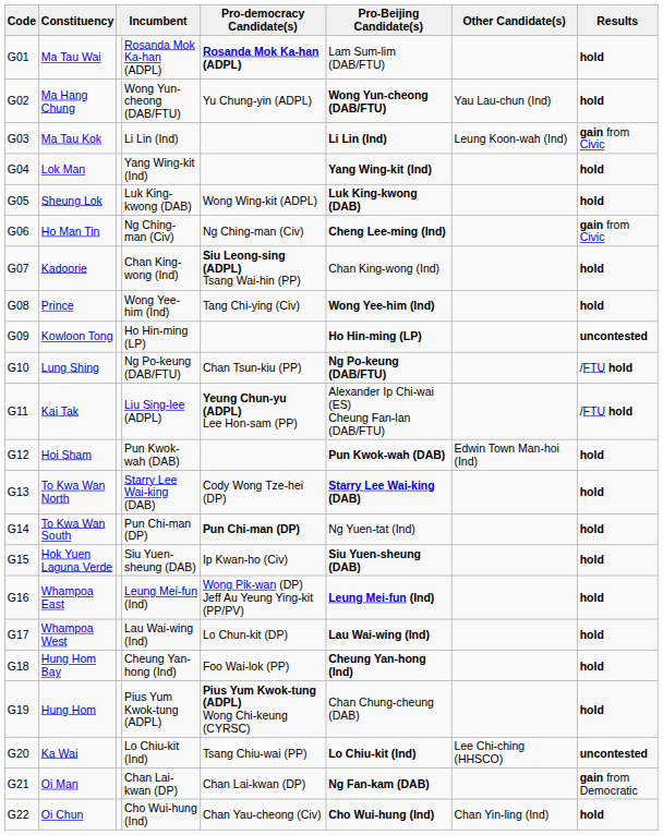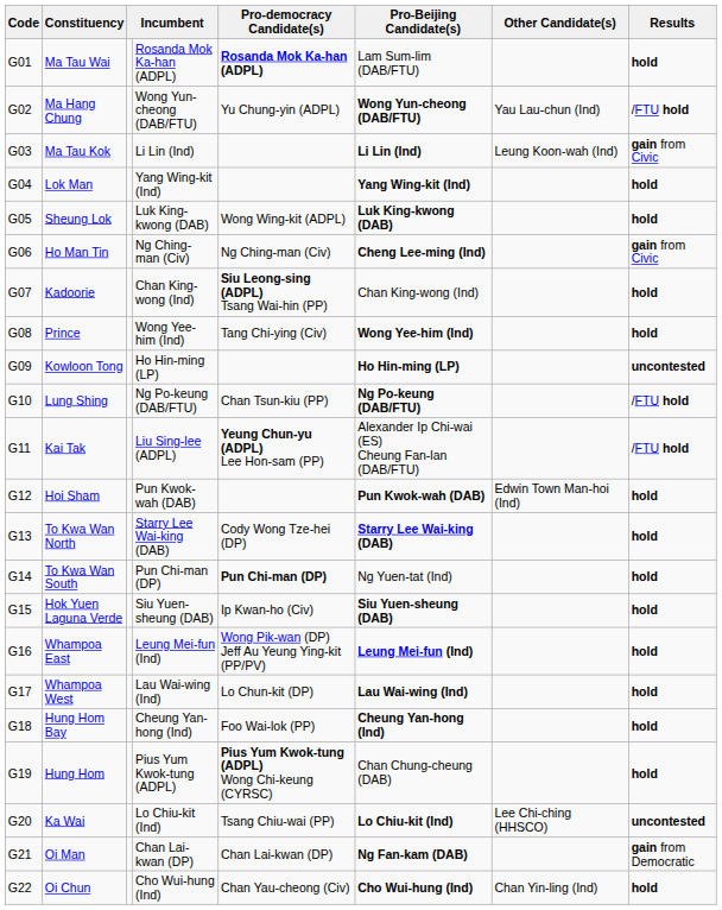 <table class="wikitable" style="font-size: 95%;">
 <tr>
 <th align="center" style="background:#f0f0f0;" width="20px">Code</th>
 <th align="center" style="background:#f0f0f0;" width="90px">Constituency</th>
 <th align="center" style="background:#f0f0f0;" width="120px" colspan=2>Incumbent</th>
 <th align="center" style="background:#f0f0f0;" width="160px">Pro-democracy Candidate(s)</th>
 <th align="center" style="background:#f0f0f0;" width="160px">Pro-Beijing Candidate(s)</th>
 <th align="center" style="background:#f0f0f0;" width="160px">Other Candidate(s)</th>
 <th align="center" style="background:#f0f0f0;" width="100px" colspan="2">Results</th>
 </tr>
 <tr>
 <td>G01</td>
 <td><a href='#'>Ma Tau Wai</a></td>
 <td></td>
 <td><a href='#'>Rosanda Mok Ka-han</a> (ADPL)</td>
 <td><strong><a href='#'>Rosanda Mok Ka-han</a> (ADPL)</strong></td>
 <td>Lam Sum-lim (DAB/FTU)</td>
 <td></td>
 <td> <strong>hold</strong></td>
 </tr>
 <tr>
 <td>G02</td>
 <td><a href='#'>Ma Hang Chung</a></td>
 <td></td>
 <td>Wong Yun-cheong (DAB/FTU)</td>
 <td>Yu Chung-yin (ADPL)</td>
 <td><strong>Wong Yun-cheong (DAB/FTU)</strong></td>
 <td>Yau Lau-chun (Ind)</td>
-<td> <strong>hold</strong></td>
+<td>/<a href='#'>FTU</a> <strong>hold</strong></td>
 </tr>
 <tr>
 <td>G03</td>
 <td><a href='#'>Ma Tau Kok</a></td>
 <td></td>
 <td>Li Lin (Ind)</td>
 <td></td>
 <td><strong> Li Lin (Ind)</strong></td>
 <td>Leung Koon-wah (Ind)</td>
 <td> <strong>gain</strong> from <a href='#'>Civic</a></td>
 </tr>
 <tr>
 <td>G04</td>
 <td><a href='#'>Lok Man</a></td>
 <td></td>
 <td>Yang Wing-kit (Ind)</td>
 <td></td>
 <td><strong> Yang Wing-kit (Ind)</strong></td>
 <td></td>
 <td> <strong>hold</strong></td>
 </tr>
 <tr>
 <td>G05</td>
 <td><a href='#'>Sheung Lok</a></td>
 <td></td>
 <td>Luk King-kwong (DAB)</td>
 <td>Wong Wing-kit (ADPL)</td>
 <td><strong>Luk King-kwong (DAB)</strong></td>
 <td></td>
 <td> <strong>hold</strong></td>
 </tr>
 <tr>
 <td>G06</td>
 <td><a href='#'>Ho Man Tin</a></td>
 <td></td>
 <td>Ng Ching-man (Civ)</td>
 <td>Ng Ching-man (Civ)</td>
 <td><strong>Cheng Lee-ming (Ind)</strong></td>
 <td></td>
 <td> <strong>gain</strong> from <a href='#'>Civic</a></td>
 </tr>
 <tr>
 <td>G07</td>
 <td><a href='#'>Kadoorie</a></td>
 <td></td>
 <td>Chan King-wong (Ind)</td>
 <td><strong>Siu Leong-sing (ADPL)</strong> <br> Tsang Wai-hin (PP)</td>
 <td>Chan King-wong (Ind)</td>
 <td></td>
 <td> <strong>hold</strong></td>
 </tr>
 <tr>
 <td>G08</td>
 <td><a href='#'>Prince</a></td>
 <td></td>
 <td>Wong Yee-him (Ind)</td>
 <td>Tang Chi-ying (Civ)</td>
 <td><strong>Wong Yee-him (Ind)</strong></td>
 <td></td>
 <td> <strong>hold</strong></td>
 </tr>
 <tr>
 <td>G09</td>
 <td><a href='#'>Kowloon Tong</a></td>
 <td></td>
 <td>Ho Hin-ming (LP)</td>
 <td></td>
 <td><strong>Ho Hin-ming (LP)</strong></td>
 <td></td>
 <td> <strong>uncontested</strong></td>
 </tr>
 <tr>
 <td>G10</td>
 <td><a href='#'>Lung Shing</a></td>
 <td></td>
 <td>Ng Po-keung (DAB/FTU)</td>
 <td>Chan Tsun-kiu (PP)</td>
 <td><strong>Ng Po-keung (DAB/FTU)</strong></td>
 <td></td>
 <td>/<a href='#'>FTU</a> <strong>hold</strong></td>
 </tr>
 <tr>
 <td>G11</td>
 <td><a href='#'>Kai Tak</a></td>
 <td></td>
 <td><a href='#'>Liu Sing-lee</a> (ADPL)</td>
 <td><strong>Yeung Chun-yu (ADPL)</strong><br>Lee Hon-sam (PP)</td>
 <td>Alexander Ip Chi-wai (ES)<br>Cheung Fan-lan (DAB/FTU)</td>
 <td></td>
 <td>/<a href='#'>FTU</a> <strong>hold</strong></td>
 </tr>
 <tr>
 <td>G12</td>
 <td><a href='#'>Hoi Sham</a></td>
 <td></td>
 <td>Pun Kwok-wah (DAB)</td>
 <td></td>
 <td><strong> Pun Kwok-wah (DAB)</strong></td>
 <td>Edwin Town Man-hoi (Ind)</td>
 <td> <strong>hold</strong></td>
 </tr>
 <tr>
 <td>G13</td>
 <td><a href='#'>To Kwa Wan North</a></td>
 <td></td>
 <td><a href='#'>Starry Lee Wai-king</a> (DAB)</td>
 <td>Cody Wong Tze-hei (DP)</td>
 <td><strong><a href='#'>Starry Lee Wai-king</a> (DAB)</strong></td>
 <td></td>
 <td> <strong>hold</strong></td>
 </tr>
 <tr>
 <td>G14</td>
 <td><a href='#'>To Kwa Wan South</a></td>
 <td></td>
 <td>Pun Chi-man (DP)</td>
 <td><strong>Pun Chi-man (DP)</strong></td>
 <td>Ng Yuen-tat (Ind)</td>
 <td></td>
 <td> <strong>hold</strong></td>
 </tr>
 <tr>
 <td>G15</td>
 <td><a href='#'>Hok Yuen Laguna Verde</a></td>
 <td></td>
 <td>Siu Yuen-sheung (DAB)</td>
 <td>Ip Kwan-ho (Civ)</td>
 <td><strong>Siu Yuen-sheung (DAB)</strong></td>
 <td></td>
 <td> <strong>hold</strong></td>
 </tr>
 <tr>
 <td>G16</td>
 <td><a href='#'>Whampoa East</a></td>
 <td></td>
 <td><a href='#'>Leung Mei-fun</a> (Ind)</td>
 <td><a href='#'>Wong Pik-wan</a> (DP)<br> Jeff Au Yeung Ying-kit (PP/PV)</td>
 <td><strong><a href='#'>Leung Mei-fun</a> (Ind)</strong></td>
 <td></td>
 <td> <strong>hold</strong></td>
 </tr>
 <tr>
 <td>G17</td>
 <td><a href='#'>Whampoa West</a></td>
 <td></td>
 <td>Lau Wai-wing (Ind)</td>
 <td>Lo Chun-kit (DP)</td>
 <td><strong>Lau Wai-wing (Ind)</strong></td>
 <td></td>
 <td> <strong>hold</strong></td>
 </tr>
 <tr>
 <td>G18</td>
 <td><a href='#'>Hung Hom Bay</a></td>
 <td></td>
 <td>Cheung Yan-hong (Ind)</td>
 <td>Foo Wai-lok (PP)</td>
 <td><strong>Cheung Yan-hong (Ind)</strong></td>
 <td></td>
 <td> <strong>hold</strong></td>
 </tr>
 <tr>
 <td>G19</td>
 <td><a href='#'>Hung Hom</a></td>
 <td></td>
 <td>Pius Yum Kwok-tung (ADPL)</td>
 <td><strong>Pius Yum Kwok-tung (ADPL)</strong> <br> Wong Chi-keung (CYRSC)</td>
 <td>Chan Chung-cheung (DAB)</td>
 <td></td>
 <td> <strong>hold</strong></td>
 </tr>
 <tr>
 <td>G20</td>
 <td><a href='#'>Ka Wai</a></td>
 <td></td>
 <td>Lo Chiu-kit (Ind)</td>
 <td>Tsang Chiu-wai (PP)</td>
 <td><strong>Lo Chiu-kit (Ind)</strong></td>
 <td>Lee Chi-ching (HHSCO)</td>
 <td> <strong>uncontested</strong></td>
 </tr>
 <tr>
 <td>G21</td>
 <td><a href='#'>Oi Man</a></td>
 <td></td>
 <td>Chan Lai-kwan (DP)</td>
 <td>Chan Lai-kwan (DP)</td>
 <td><strong>Ng Fan-kam (DAB)</strong></td>
 <td></td>
 <td> <strong>gain</strong> from Democratic</td>
 </tr>
 <tr>
 <td>G22</td>
 <td><a href='#'>Oi Chun</a></td>
 <td></td>
 <td>Cho Wui-hung (Ind)</td>
 <td>Chan Yau-cheong (Civ)</td>
 <td><strong>Cho Wui-hung (Ind)</strong></td>
 <td>Chan Yin-ling (Ind)</td>
 <td> <strong>hold</strong></td>
 </tr>
 </table>
